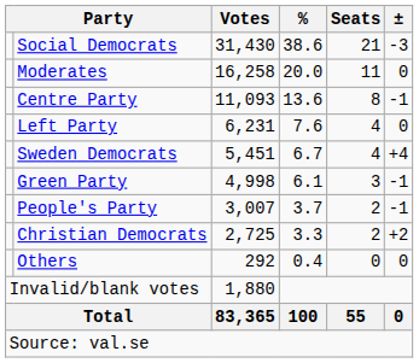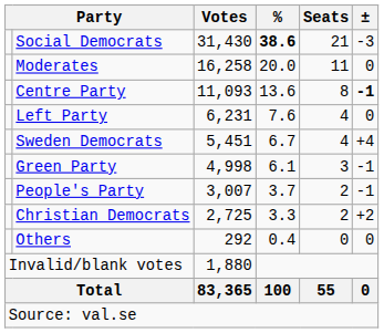 <table class=wikitable style=text-align:right>
 <tr>
 <th colspan=2>Party</th>
 <th>Votes</th>
 <th>%</th>
 <th>Seats</th>
 <th>±</th>
 </tr>
 <tr>
 <td bgcolor=></td>
 <td align=left><a href='#'>Social Democrats</a></td>
 <td>31,430</td>
-<td>38.6</td>
+<td><strong>38.6</strong></td>
 <td>21</td>
 <td>-3</td>
 </tr>
 <tr>
 <td bgcolor=></td>
 <td align=left><a href='#'>Moderates</a></td>
 <td>16,258</td>
 <td>20.0</td>
 <td>11</td>
 <td>0</td>
 </tr>
 <tr>
 <td bgcolor=></td>
 <td align=left><a href='#'>Centre Party</a></td>
 <td>11,093</td>
 <td>13.6</td>
 <td>8</td>
-<td>-1</td>
+<td><strong>-1</strong></td>
 </tr>
 <tr>
 <td bgcolor=></td>
 <td align=left><a href='#'>Left Party</a></td>
 <td>6,231</td>
 <td>7.6</td>
 <td>4</td>
 <td>0</td>
 </tr>
 <tr>
 <td bgcolor=></td>
 <td align=left><a href='#'>Sweden Democrats</a></td>
 <td>5,451</td>
 <td>6.7</td>
 <td>4</td>
 <td>+4</td>
 </tr>
 <tr>
 <td bgcolor=></td>
 <td align=left><a href='#'>Green Party</a></td>
 <td>4,998</td>
 <td>6.1</td>
 <td>3</td>
 <td>-1</td>
 </tr>
 <tr>
 <td bgcolor=></td>
 <td align=left><a href='#'>People's Party</a></td>
 <td>3,007</td>
 <td>3.7</td>
 <td>2</td>
 <td>-1</td>
 </tr>
 <tr>
 <td bgcolor=></td>
 <td align=left><a href='#'>Christian Democrats</a></td>
 <td>2,725</td>
 <td>3.3</td>
 <td>2</td>
 <td>+2</td>
 </tr>
 <tr>
 <td></td>
 <td align=left><a href='#'>Others</a></td>
 <td>292</td>
 <td>0.4</td>
 <td>0</td>
 <td>0</td>
 </tr>
 <tr>
 <td align=left colspan=2>Invalid/blank votes</td>
 <td>1,880</td>
 <td colspan=3></td>
 </tr>
 <tr>
 <th align=left colspan=2>Total</th>
 <th>83,365</th>
 <th>100</th>
 <th>55</th>
 <th>0</th>
 </tr>
 <tr>
 <td align=left colspan=6>Source: val.se </td>
 </tr>
 </table>
